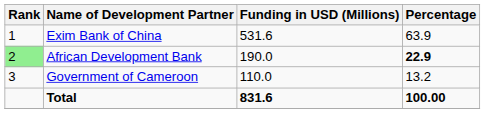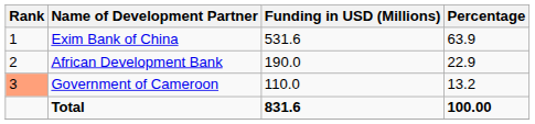 <table class="wikitable sortable" style="margin: 0.5em auto">
 <tr>
 <th>Rank</th>
 <th>Name of Development Partner</th>
 <th>Funding in USD (Millions)</th>
 <th>Percentage</th>
 </tr>
 <tr>
 <td>1</td>
 <td><a href='#'>Exim Bank of China</a></td>
 <td>531.6</td>
 <td>63.9</td>
 </tr>
 <tr>
-<td style="background: lightgreen;">2</td>
+<td>2</td>
 <td><a href='#'>African Development Bank</a></td>
 <td>190.0</td>
-<td><strong>22.9</strong></td>
+<td>22.9</td>
 </tr>
 <tr>
-<td>3</td>
+<td style="background: lightsalmon;">3</td>
 <td><a href='#'>Government of Cameroon</a></td>
 <td>110.0</td>
 <td>13.2</td>
 </tr>
 <tr>
 <td></td>
 <td><strong>Total</strong></td>
 <td><strong>831.6</strong></td>
 <td><strong>100.00</strong></td>
 </tr>
 <tr>
 </tr>
 </table>
